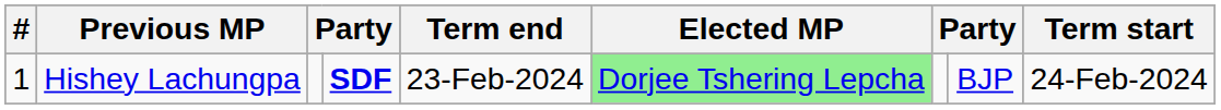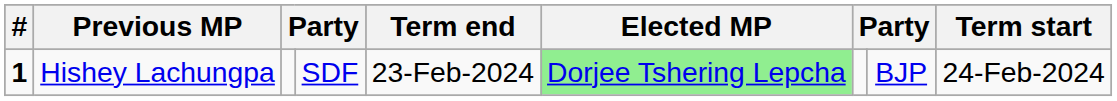 <table class="wikitable" style="text-align:center;">
 <tr>
 <th>#</th>
 <th>Previous MP</th>
 <th colspan="2">Party</th>
 <th>Term end</th>
 <th>Elected MP</th>
 <th colspan="2">Party</th>
 <th>Term start</th>
 </tr>
 <tr>
-<td>1</td>
+<td><strong>1</strong></td>
 <td><a href='#'>Hishey Lachungpa</a></td>
 <td></td>
-<td><strong><a href='#'>SDF</a></strong></td>
+<td><a href='#'>SDF</a></td>
 <td>23-Feb-2024</td>
 <td style="background: lightgreen;"><a href='#'>Dorjee Tshering Lepcha</a></td>
 <td></td>
 <td><a href='#'>BJP</a></td>
 <td>24-Feb-2024</td>
 </tr>
 </table>
